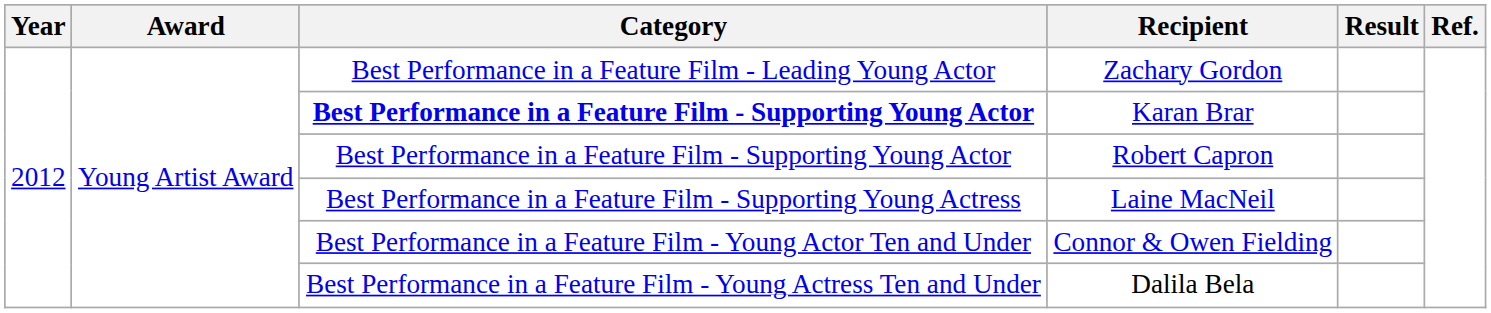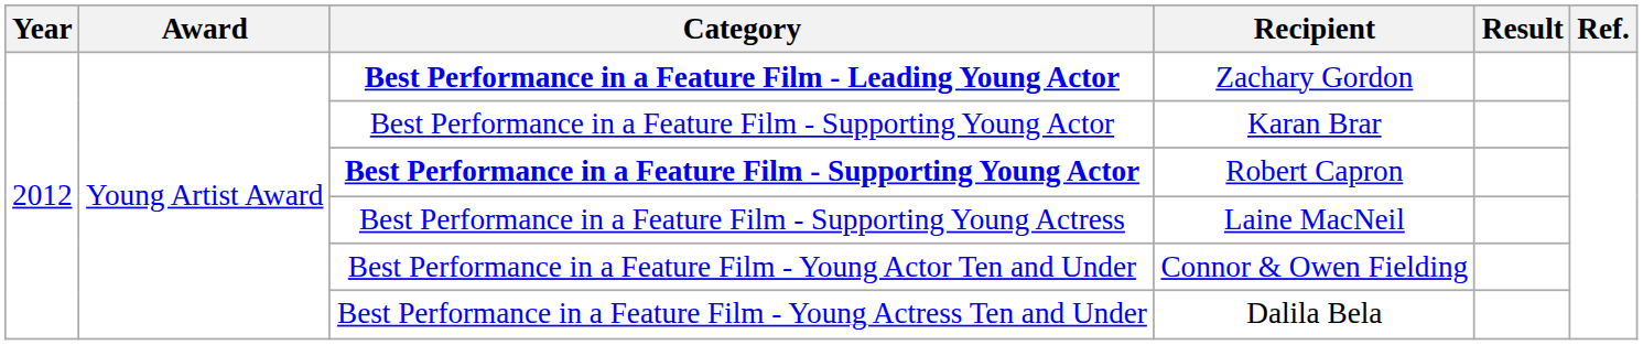 <table class="wikitable" rowspan="5"; style="text-align: center; background:#ffffff;">
 <tr>
 <th>Year</th>
 <th>Award</th>
 <th>Category</th>
 <th>Recipient</th>
 <th>Result</th>
 <th>Ref.</th>
 </tr>
 <tr>
 <td rowspan=6><a href='#'>2012</a></td>
 <td rowspan=6><a href='#'>Young Artist Award</a></td>
-<td><a href='#'>Best Performance in a Feature Film - Leading Young Actor</a></td>
+<td><strong><a href='#'>Best Performance in a Feature Film - Leading Young Actor</a></strong></td>
 <td><a href='#'>Zachary Gordon</a></td>
 <td></td>
 <td rowspan=6></td>
 </tr>
 <tr>
-<td><strong><a href='#'>Best Performance in a Feature Film - Supporting Young Actor</a></strong></td>
+<td><a href='#'>Best Performance in a Feature Film - Supporting Young Actor</a></td>
 <td><a href='#'>Karan Brar</a></td>
 <td></td>
 </tr>
 <tr>
-<td><a href='#'>Best Performance in a Feature Film - Supporting Young Actor</a></td>
+<td><strong><a href='#'>Best Performance in a Feature Film - Supporting Young Actor</a></strong></td>
 <td><a href='#'>Robert Capron</a></td>
 <td></td>
 </tr>
 <tr>
 <td><a href='#'>Best Performance in a Feature Film - Supporting Young Actress</a></td>
 <td><a href='#'>Laine MacNeil</a></td>
 <td></td>
 </tr>
 <tr>
 <td><a href='#'>Best Performance in a Feature Film - Young Actor Ten and Under</a></td>
 <td><a href='#'>Connor & Owen Fielding</a></td>
 <td></td>
 </tr>
 <tr>
 <td><a href='#'>Best Performance in a Feature Film - Young Actress Ten and Under</a></td>
 <td>Dalila Bela</td>
 <td></td>
 </tr>
 </table>
